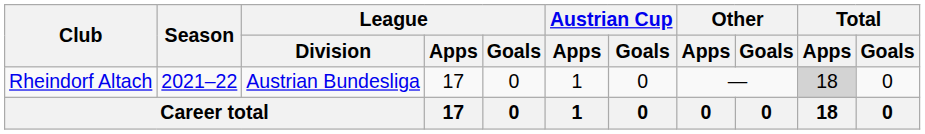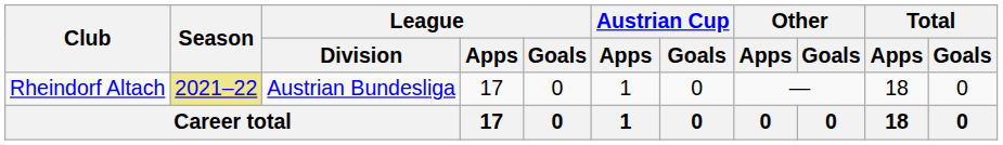 <table class="wikitable" style="text-align:center">
 <tr>
 <th rowspan="2">Club</th>
 <th rowspan="2">Season</th>
 <th colspan="3">League</th>
 <th colspan="2"><a href='#'>Austrian Cup</a></th>
 <th colspan="2">Other</th>
 <th colspan="2">Total</th>
 </tr>
 <tr>
 <th>Division</th>
 <th>Apps</th>
 <th>Goals</th>
 <th>Apps</th>
 <th>Goals</th>
 <th>Apps</th>
 <th>Goals</th>
 <th>Apps</th>
 <th>Goals</th>
 </tr>
 <tr>
 <td><a href='#'>Rheindorf Altach</a></td>
-<td><a href='#'>2021–22</a></td>
+<td style="background: khaki;"><a href='#'>2021–22</a></td>
 <td><a href='#'>Austrian Bundesliga</a></td>
 <td>17</td>
 <td>0</td>
 <td>1</td>
 <td>0</td>
 <td colspan="2">—</td>
-<td style="background: lightgrey;">18</td>
+<td>18</td>
 <td>0</td>
 </tr>
 <tr>
 <th colspan="3">Career total</th>
 <th>17</th>
 <th>0</th>
 <th>1</th>
 <th>0</th>
 <th>0</th>
 <th>0</th>
 <th>18</th>
 <th>0</th>
 </tr>
 </table>
